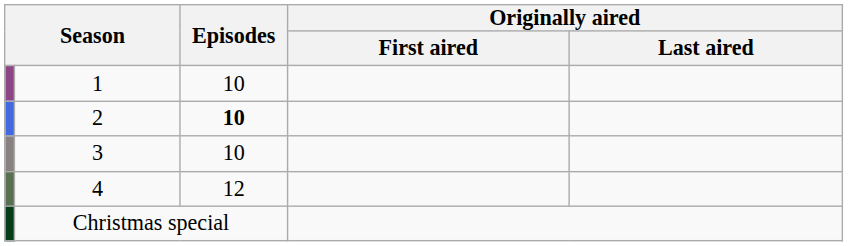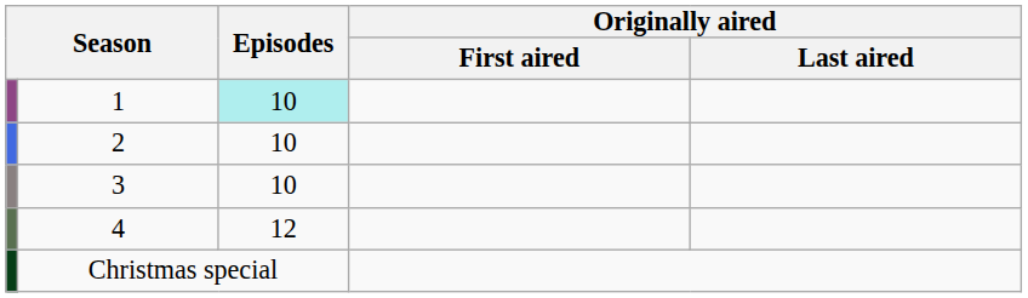 <table class="wikitable plainrowheaders" style="text-align:center;">
 <tr>
 <th scope="col" style="padding:0 8px;" rowspan="2" colspan="2">Season</th>
 <th scope="col" style="padding:0 8px;" rowspan="2">Еpisodes</th>
 <th scope="col" style="padding:0 40px;" colspan="2">Originally aired</th>
 </tr>
 <tr>
 <th scope="col">First aired</th>
 <th scope="col">Last aired</th>
 </tr>
 <tr>
 <td scope="row" style="background:#8E4585; color:#100;"></td>
 <td>1</td>
-<td>10</td>
+<td style="background: paleturquoise;">10</td>
 <td></td>
 <td></td>
 </tr>
 <tr>
 <td scope="row" style="background:#4169E1; color:#100;"></td>
 <td>2</td>
-<td><strong>10</strong></td>
+<td>10</td>
 <td></td>
 <td></td>
 </tr>
 <tr>
 <td style="background:#898080; width:1%;"></td>
 <td>3</td>
 <td style="background:; width:1%;">10</td>
 <td></td>
 <td></td>
 </tr>
 <tr>
 <td style="background:#597050; width:1%;"></td>
 <td>4</td>
 <td>12</td>
 <td></td>
 <td></td>
 </tr>
 <tr>
 <td scope="row" style="background:#053E16; color:#100;"></td>
 <td colspan="2">Christmas special</td>
 <td colspan="2"></td>
 </tr>
 </table>
